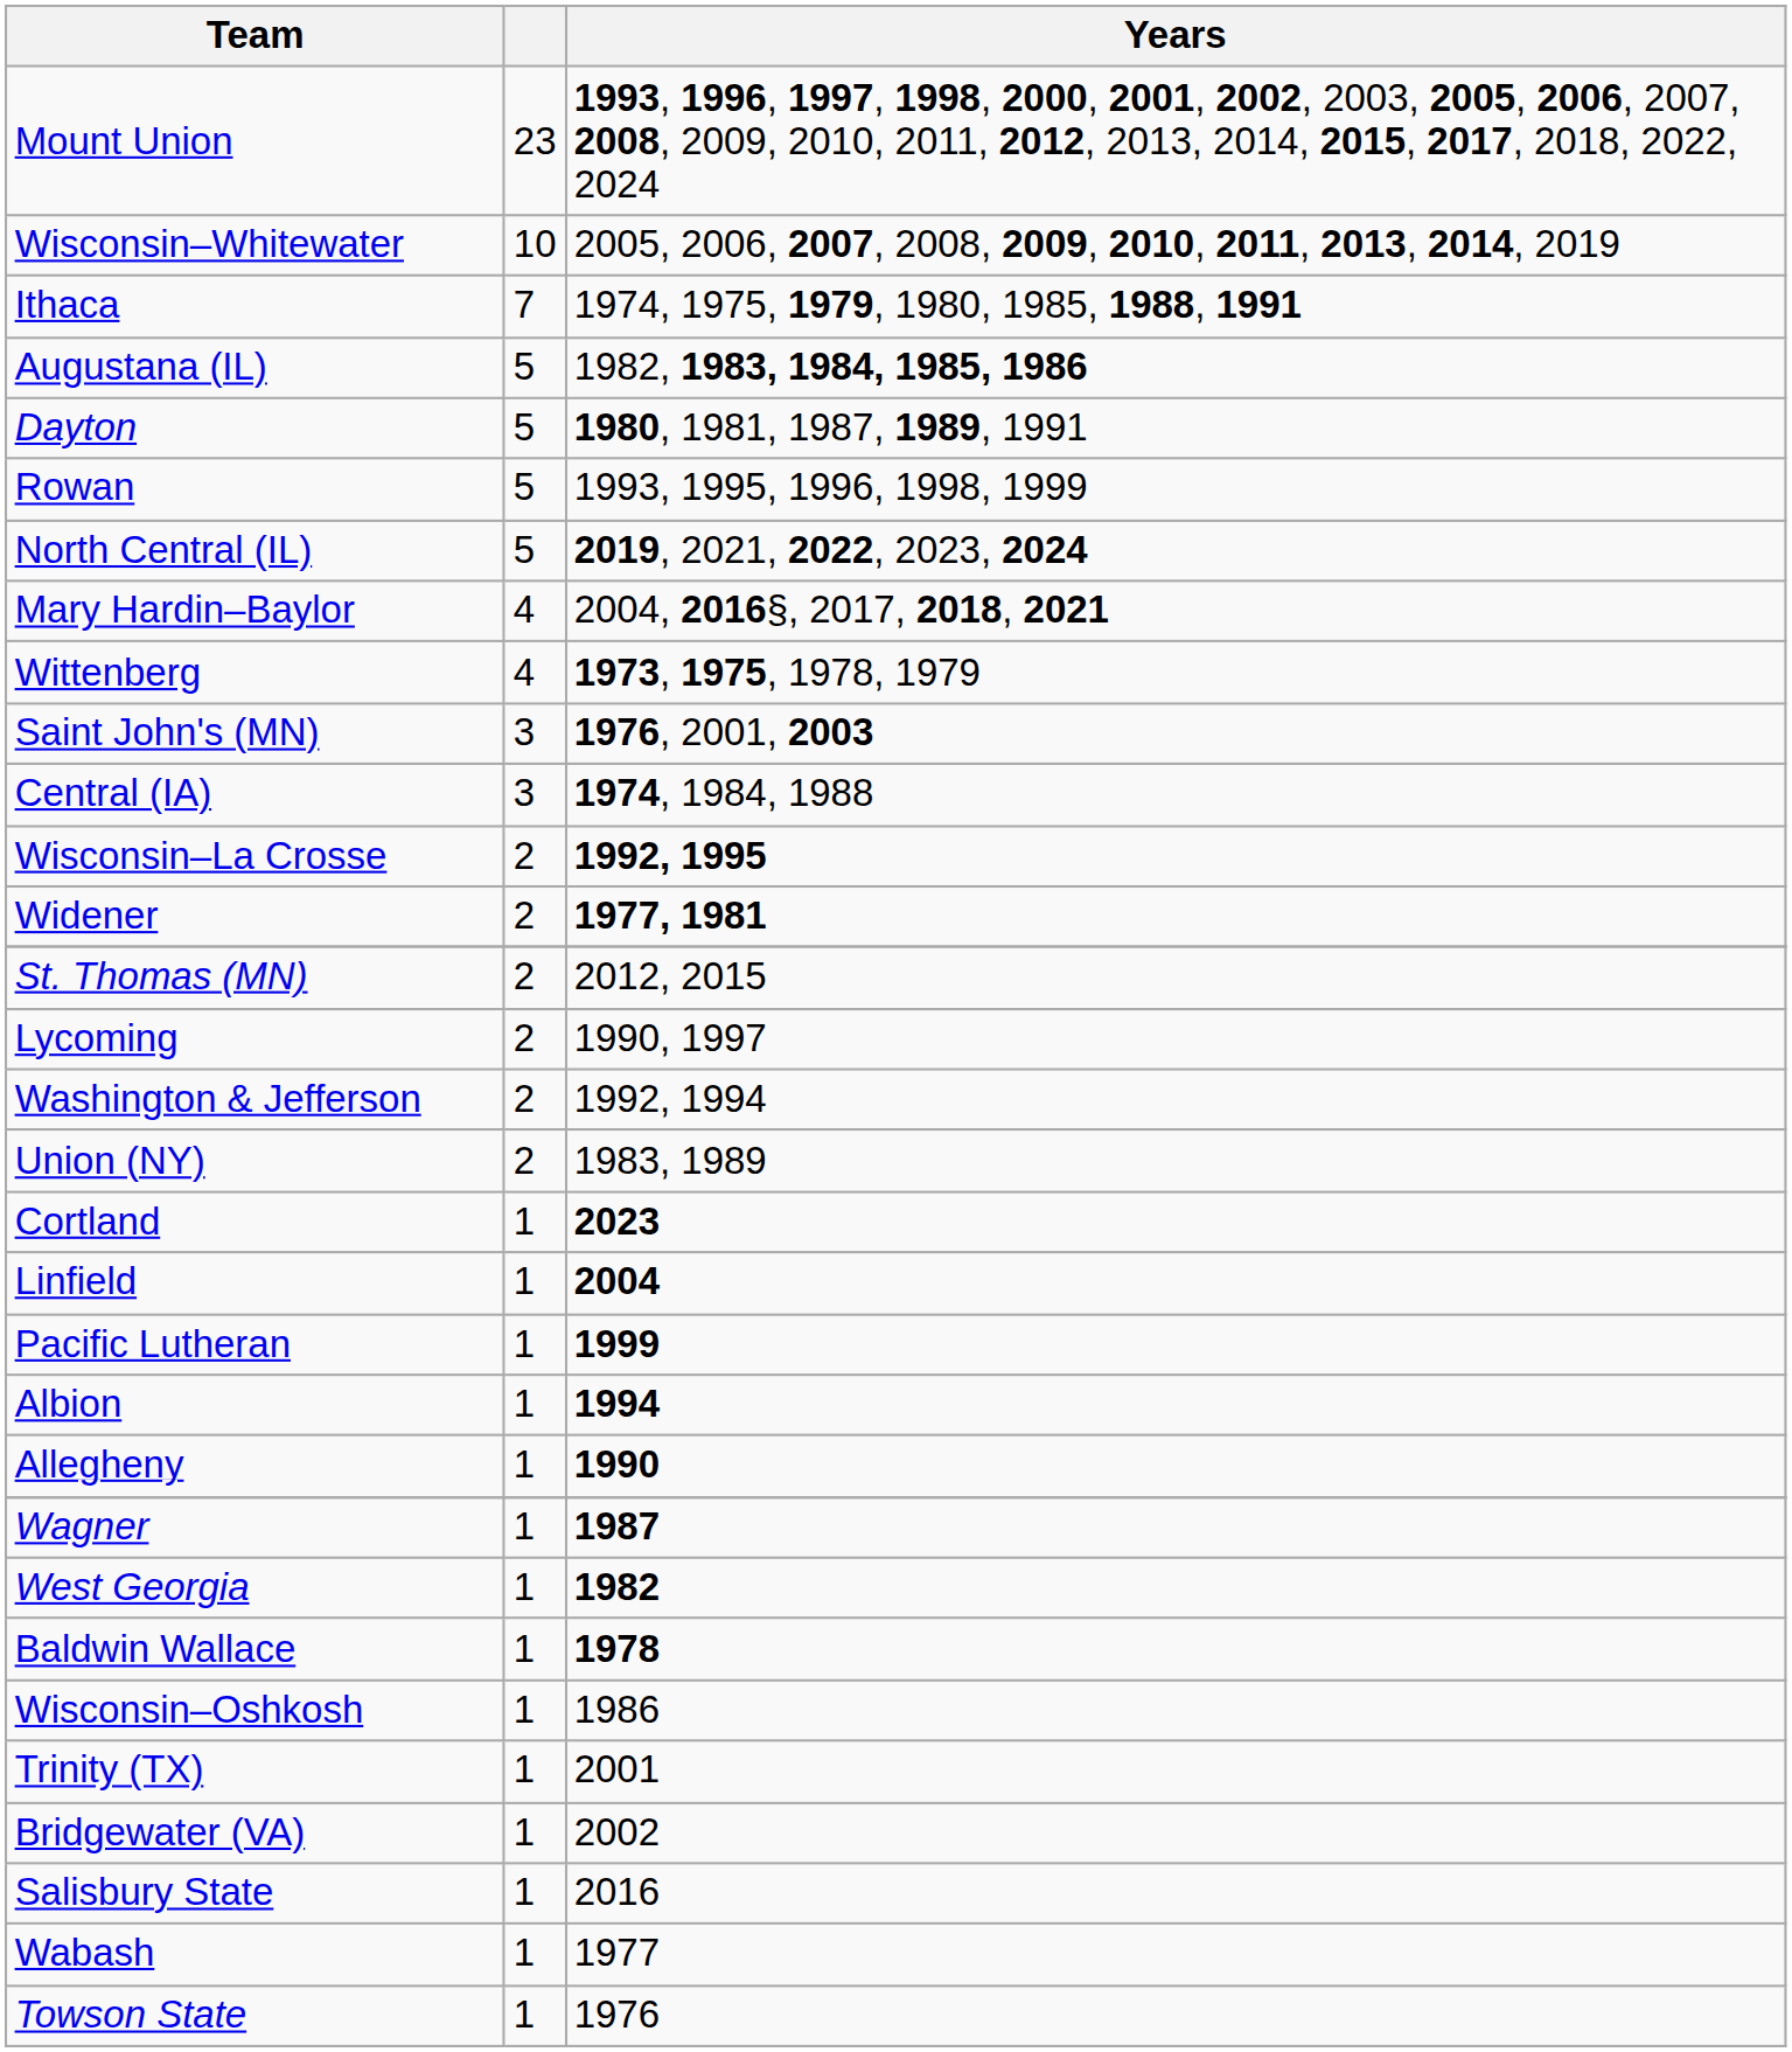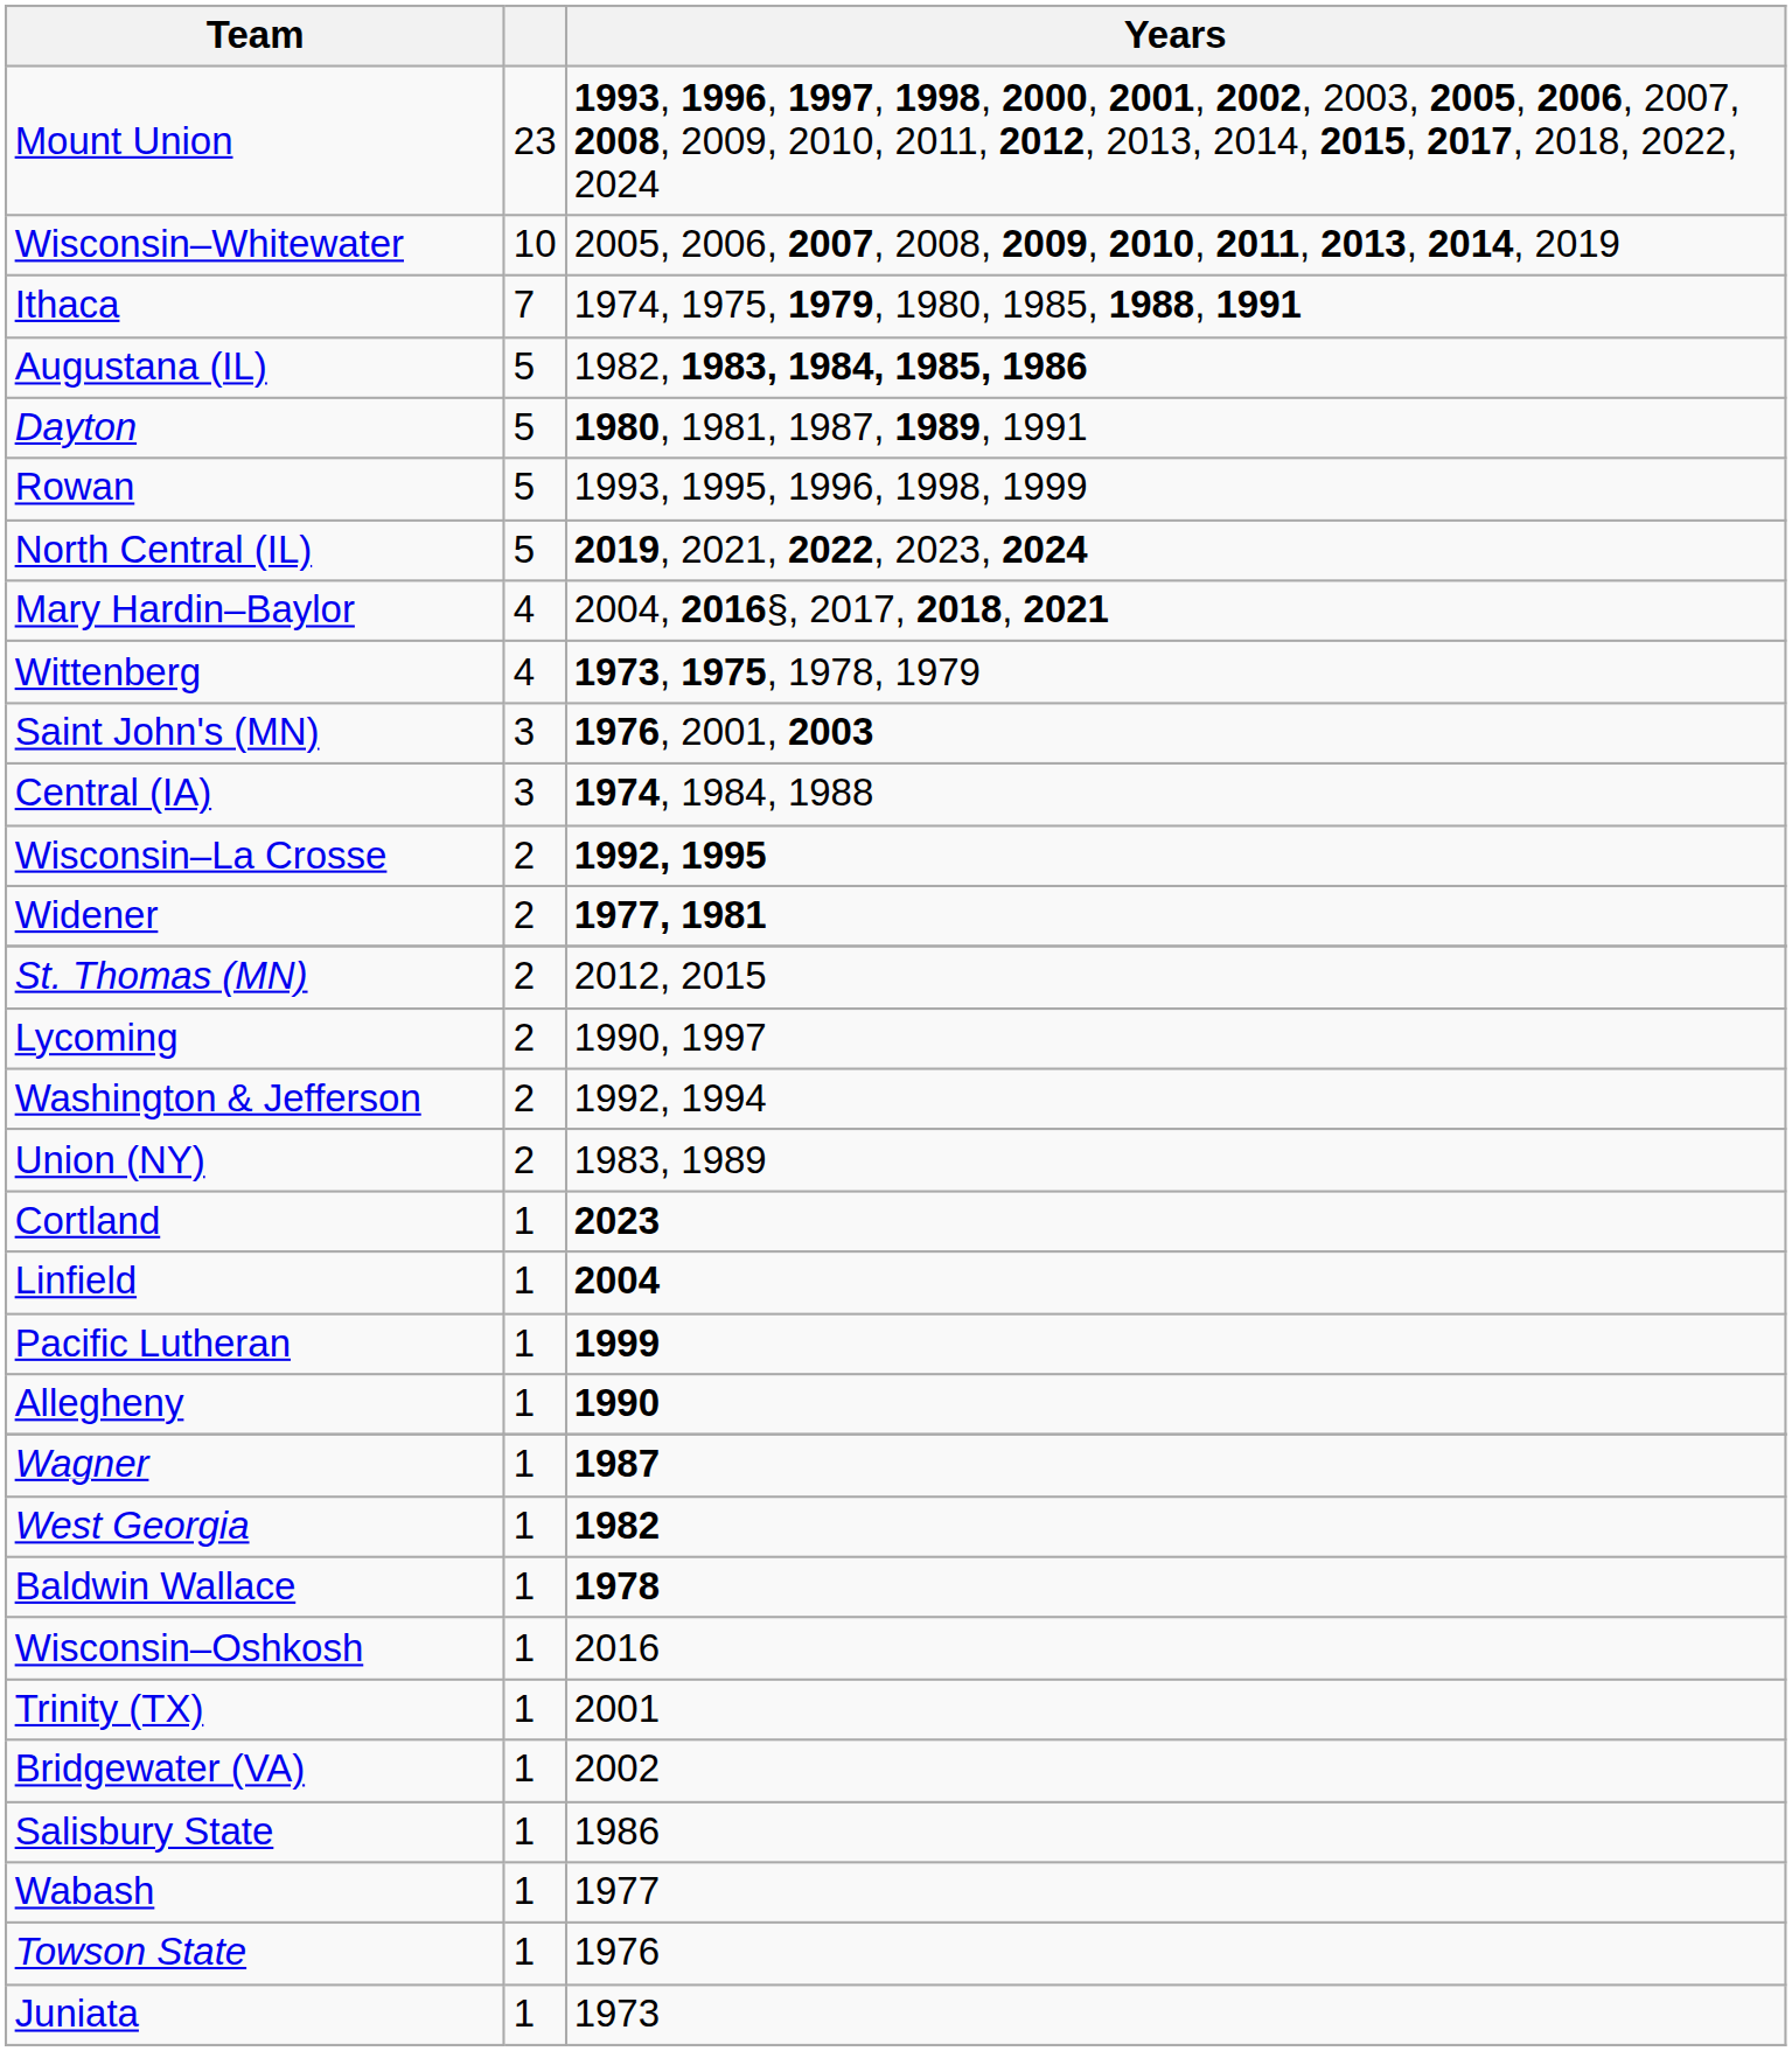 <table class="wikitable" style="font-size:%; width:%; text-align:;">
 <tr>
 <th width=200px>Team</th>
 <th width=px></th>
 <th width=500px>Years</th>
 </tr>
 <tr>
 <td><a href='#'>Mount Union</a></td>
 <td>23</td>
 <td><strong>1993</strong>, <strong>1996</strong>, <strong>1997</strong>, <strong>1998</strong>, <strong>2000</strong>, <strong>2001</strong>, <strong>2002</strong>, 2003, <strong>2005</strong>, <strong>2006</strong>, 2007, <strong>2008</strong>, 2009, 2010, 2011, <strong>2012</strong>, 2013, 2014, <strong>2015</strong>, <strong>2017</strong>, 2018, 2022, 2024</td>
 </tr>
 <tr>
 <td><a href='#'>Wisconsin–Whitewater</a></td>
 <td>10</td>
 <td>2005, 2006, <strong>2007</strong>, 2008, <strong>2009</strong>, <strong>2010</strong>, <strong>2011</strong>, <strong>2013</strong>, <strong>2014</strong>, 2019</td>
 </tr>
 <tr>
 <td><a href='#'>Ithaca</a></td>
 <td>7</td>
 <td>1974, 1975, <strong>1979</strong>, 1980, 1985, <strong>1988</strong>, <strong>1991</strong></td>
 </tr>
 <tr>
 <td><a href='#'>Augustana (IL)</a></td>
 <td>5</td>
 <td>1982, <strong>1983, 1984, 1985, 1986</strong></td>
 </tr>
 <tr>
 <td><em><a href='#'>Dayton</a></em></td>
 <td>5</td>
 <td><strong>1980</strong>, 1981, 1987, <strong>1989</strong>, 1991</td>
 </tr>
 <tr>
 <td><a href='#'>Rowan</a></td>
 <td>5</td>
 <td>1993, 1995, 1996, 1998, 1999</td>
 </tr>
 <tr>
 <td><a href='#'>North Central (IL)</a></td>
 <td>5</td>
 <td><strong>2019</strong>, 2021, <strong>2022</strong>, 2023, <strong>2024</strong></td>
 </tr>
 <tr>
 <td><a href='#'>Mary Hardin–Baylor</a></td>
 <td>4</td>
 <td>2004, <strong>2016</strong>§, 2017, <strong>2018</strong>, <strong>2021</strong></td>
 </tr>
 <tr>
 <td><a href='#'>Wittenberg</a></td>
 <td>4</td>
 <td><strong>1973</strong>, <strong>1975</strong>, 1978, 1979</td>
 </tr>
 <tr>
 <td><a href='#'>Saint John's (MN)</a></td>
 <td>3</td>
 <td><strong>1976</strong>, 2001, <strong>2003</strong></td>
 </tr>
 <tr>
 <td><a href='#'>Central (IA)</a></td>
 <td>3</td>
 <td><strong>1974</strong>, 1984, 1988</td>
 </tr>
 <tr>
 <td><a href='#'>Wisconsin–La Crosse</a></td>
 <td>2</td>
 <td><strong>1992, 1995</strong></td>
 </tr>
 <tr>
 <td><a href='#'>Widener</a></td>
 <td>2</td>
 <td><strong>1977, 1981</strong></td>
 </tr>
 <tr>
 </tr>
 <tr>
 <td><em><a href='#'>St. Thomas (MN)</a></em></td>
 <td>2</td>
 <td>2012, 2015</td>
 </tr>
 <tr>
 <td><a href='#'>Lycoming</a></td>
 <td>2</td>
 <td>1990, 1997</td>
 </tr>
 <tr>
 <td><a href='#'>Washington & Jefferson</a></td>
 <td>2</td>
 <td>1992, 1994</td>
 </tr>
 <tr>
 <td><a href='#'>Union (NY)</a></td>
 <td>2</td>
 <td>1983, 1989</td>
 </tr>
 <tr>
 <td><a href='#'>Cortland</a></td>
 <td>1</td>
 <td><strong>2023</strong></td>
 </tr>
 <tr>
 <td><a href='#'>Linfield</a></td>
 <td>1</td>
 <td><strong>2004</strong></td>
 </tr>
 <tr>
 <td><a href='#'>Pacific Lutheran</a></td>
 <td>1</td>
 <td><strong>1999</strong></td>
 </tr>
 <tr>
-<td><a href='#'>Albion</a></td>
-<td>1</td>
-<td><strong>1994</strong></td>
-</tr>
-<tr>
 <td><a href='#'>Allegheny</a></td>
 <td>1</td>
 <td><strong>1990</strong></td>
 </tr>
 <tr>
 </tr>
 <tr>
 <td><em><a href='#'>Wagner</a></em></td>
 <td>1</td>
 <td><strong>1987</strong></td>
 </tr>
 <tr>
 <td><em><a href='#'>West Georgia</a></em></td>
 <td>1</td>
 <td><strong>1982</strong></td>
 </tr>
 <tr>
 <td><a href='#'>Baldwin Wallace</a></td>
 <td>1</td>
 <td><strong>1978</strong></td>
 </tr>
 <tr>
 <td><a href='#'>Wisconsin–Oshkosh</a></td>
 <td>1</td>
-<td>1986</td>
+<td>2016</td>
 </tr>
 <tr>
 <td><a href='#'>Trinity (TX)</a></td>
 <td>1</td>
 <td>2001</td>
 </tr>
 <tr>
 <td><a href='#'>Bridgewater (VA)</a></td>
 <td>1</td>
 <td>2002</td>
 </tr>
 <tr>
 <td><a href='#'>Salisbury State</a></td>
 <td>1</td>
-<td>2016</td>
+<td>1986</td>
 </tr>
 <tr>
 <td><a href='#'>Wabash</a></td>
 <td>1</td>
 <td>1977</td>
 </tr>
 <tr>
 <td><em><a href='#'>Towson State</a></em></td>
 <td>1</td>
 <td>1976</td>
 </tr>
+<tr>
+<td><a href='#'>Juniata</a></td>
+<td>1</td>
+<td>1973</td>
+</tr>
 </table>
